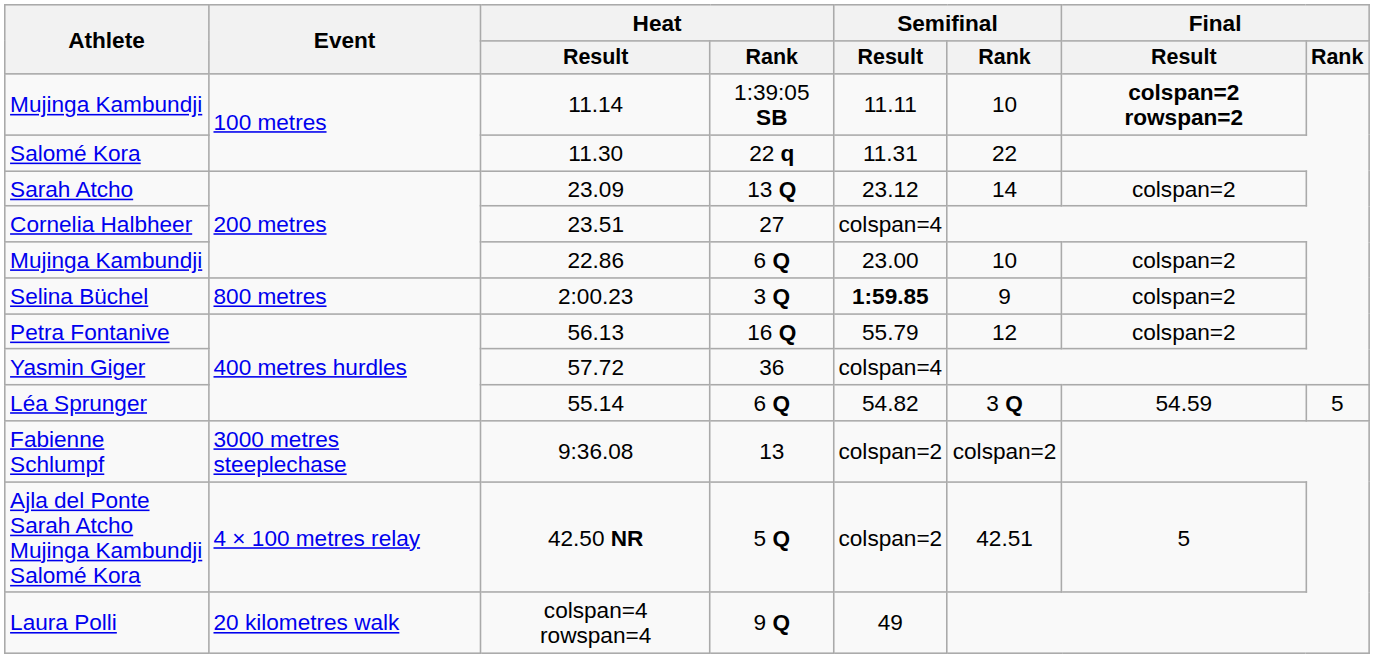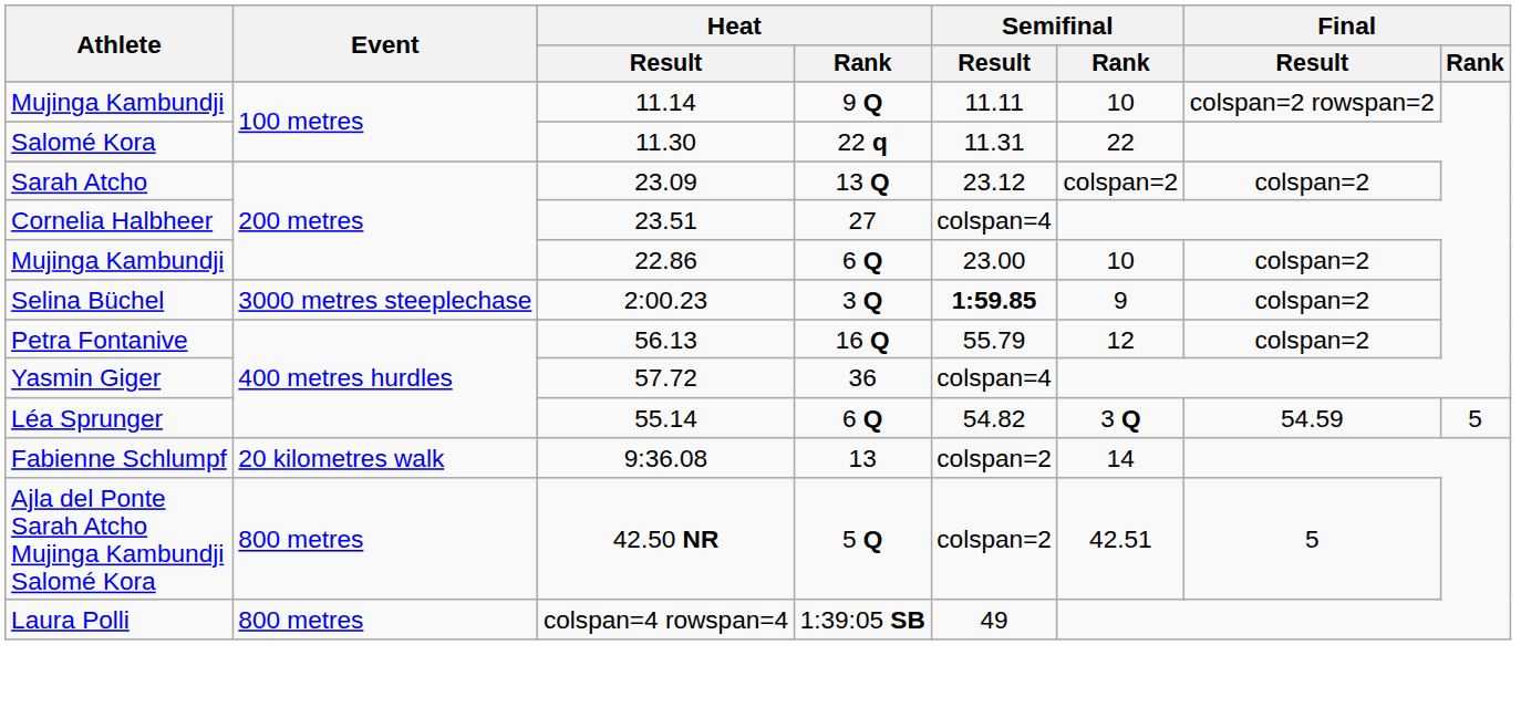 <table class="wikitable" style="font-size:90%">
 <tr>
 <th rowspan="2">Athlete</th>
 <th rowspan="2">Event</th>
 <th colspan="2">Heat</th>
 <th colspan="2">Semifinal</th>
 <th colspan="2">Final</th>
 </tr>
 <tr style="font-size:95%">
 <th>Result</th>
 <th>Rank</th>
 <th>Result</th>
 <th>Rank</th>
 <th>Result</th>
 <th>Rank</th>
 </tr>
 <tr style=text-align:center>
 <td style=text-align:left><a href='#'>Mujinga Kambundji</a></td>
 <td style=text-align:left rowspan=2><a href='#'>100 metres</a></td>
 <td>11.14</td>
-<td>1:39:05 <strong>SB</strong></td>
+<td>9 <strong>Q</strong></td>
 <td>11.11</td>
 <td>10</td>
-<td><strong>colspan=2 rowspan=2 </strong></td>
+<td>colspan=2 rowspan=2 </td>
 </tr>
 <tr style=text-align:center>
 <td style=text-align:left><a href='#'>Salomé Kora</a></td>
 <td>11.30</td>
 <td>22 <strong>q</strong></td>
 <td>11.31</td>
 <td>22</td>
 </tr>
 <tr style=text-align:center>
 <td style=text-align:left><a href='#'>Sarah Atcho</a></td>
 <td style=text-align:left rowspan=3><a href='#'>200 metres</a></td>
 <td>23.09</td>
 <td>13 <strong>Q</strong></td>
 <td>23.12</td>
-<td>14</td>
+<td>colspan=2 </td>
 <td>colspan=2 </td>
 </tr>
 <tr style=text-align:center>
 <td style=text-align:left><a href='#'>Cornelia Halbheer</a></td>
 <td>23.51</td>
 <td>27</td>
 <td>colspan=4 </td>
 </tr>
 <tr style=text-align:center>
 <td style=text-align:left><a href='#'>Mujinga Kambundji</a></td>
 <td>22.86</td>
 <td>6 <strong>Q</strong></td>
 <td>23.00</td>
 <td>10</td>
 <td>colspan=2 </td>
 </tr>
 <tr style=text-align:center>
 <td style=text-align:left><a href='#'>Selina Büchel</a></td>
-<td style=text-align:left><a href='#'>800 metres</a></td>
+<td style=text-align:left><a href='#'>3000 metres steeplechase</a></td>
 <td>2:00.23</td>
 <td>3 <strong>Q</strong></td>
 <td><strong>1:59.85</strong></td>
 <td>9</td>
 <td>colspan=2 </td>
 </tr>
 <tr style=text-align:center>
 <td style=text-align:left><a href='#'>Petra Fontanive</a></td>
 <td style=text-align:left rowspan=3><a href='#'>400 metres hurdles</a></td>
 <td>56.13</td>
 <td>16 <strong>Q</strong></td>
 <td>55.79</td>
 <td>12</td>
 <td>colspan=2 </td>
 </tr>
 <tr style=text-align:center>
 <td style=text-align:left><a href='#'>Yasmin Giger</a></td>
 <td>57.72</td>
 <td>36</td>
 <td>colspan=4 </td>
 </tr>
 <tr style=text-align:center>
 <td style=text-align:left><a href='#'>Léa Sprunger</a></td>
 <td>55.14</td>
 <td>6 <strong>Q</strong></td>
 <td>54.82</td>
 <td>3 <strong>Q</strong></td>
 <td>54.59</td>
 <td>5</td>
 </tr>
 <tr style=text-align:center>
 <td style=text-align:left><a href='#'>Fabienne Schlumpf</a></td>
-<td style=text-align:left><a href='#'>3000 metres steeplechase</a></td>
+<td style=text-align:left><a href='#'>20 kilometres walk</a></td>
 <td>9:36.08</td>
 <td>13</td>
 <td>colspan=2 </td>
-<td>colspan=2 </td>
+<td>14</td>
 </tr>
 <tr style=text-align:center>
 <td style=text-align:left><a href='#'>Ajla del Ponte</a><br><a href='#'>Sarah Atcho</a><br><a href='#'>Mujinga Kambundji</a><br><a href='#'>Salomé Kora</a></td>
-<td style=text-align:left><a href='#'>4 × 100 metres relay</a></td>
+<td style=text-align:left><a href='#'>800 metres</a></td>
 <td>42.50 <strong>NR</strong></td>
 <td>5 <strong>Q</strong></td>
 <td>colspan=2 </td>
 <td>42.51</td>
 <td>5</td>
 </tr>
 <tr style=text-align:center>
 <td style=text-align:left><a href='#'>Laura Polli</a></td>
-<td style=text-align:left><a href='#'>20 kilometres walk</a></td>
+<td style=text-align:left><a href='#'>800 metres</a></td>
 <td>colspan=4 rowspan=4 </td>
-<td>9 <strong>Q</strong></td>
+<td>1:39:05 <strong>SB</strong></td>
 <td>49</td>
 </tr>
 </table>
